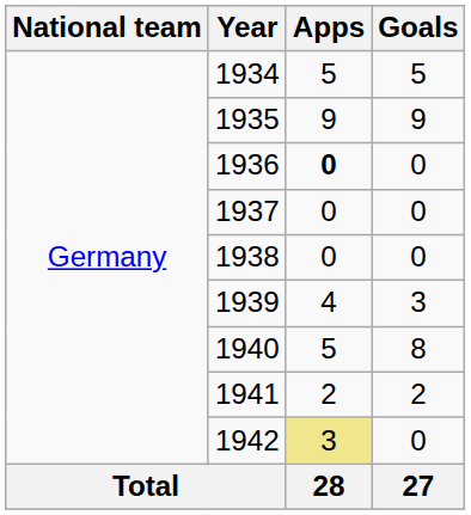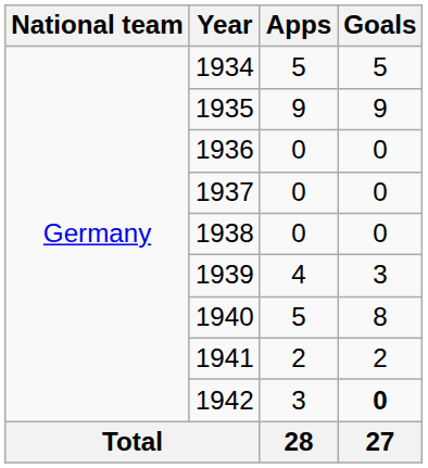 <table class="wikitable" style="text-align:center">
 <tr>
 <th>National team</th>
 <th>Year</th>
 <th>Apps</th>
 <th>Goals</th>
 </tr>
 <tr>
 <td rowspan="9"><a href='#'>Germany</a></td>
 <td>1934</td>
 <td>5</td>
 <td>5</td>
 </tr>
 <tr>
 <td>1935</td>
 <td>9</td>
 <td>9</td>
 </tr>
 <tr>
 <td>1936</td>
-<td><strong>0</strong></td>
+<td>0</td>
 <td>0</td>
 </tr>
 <tr>
 <td>1937</td>
 <td>0</td>
 <td>0</td>
 </tr>
 <tr>
 <td>1938</td>
 <td>0</td>
 <td>0</td>
 </tr>
 <tr>
 <td>1939</td>
 <td>4</td>
 <td>3</td>
 </tr>
 <tr>
 <td>1940</td>
 <td>5</td>
 <td>8</td>
 </tr>
 <tr>
 <td>1941</td>
 <td>2</td>
 <td>2</td>
 </tr>
 <tr>
 <td>1942</td>
-<td style="background: khaki;">3</td>
-<td>0</td>
+<td>3</td>
+<td><strong>0</strong></td>
 </tr>
 <tr>
 <th colspan="2">Total</th>
 <th>28</th>
 <th>27</th>
 </tr>
 </table>
